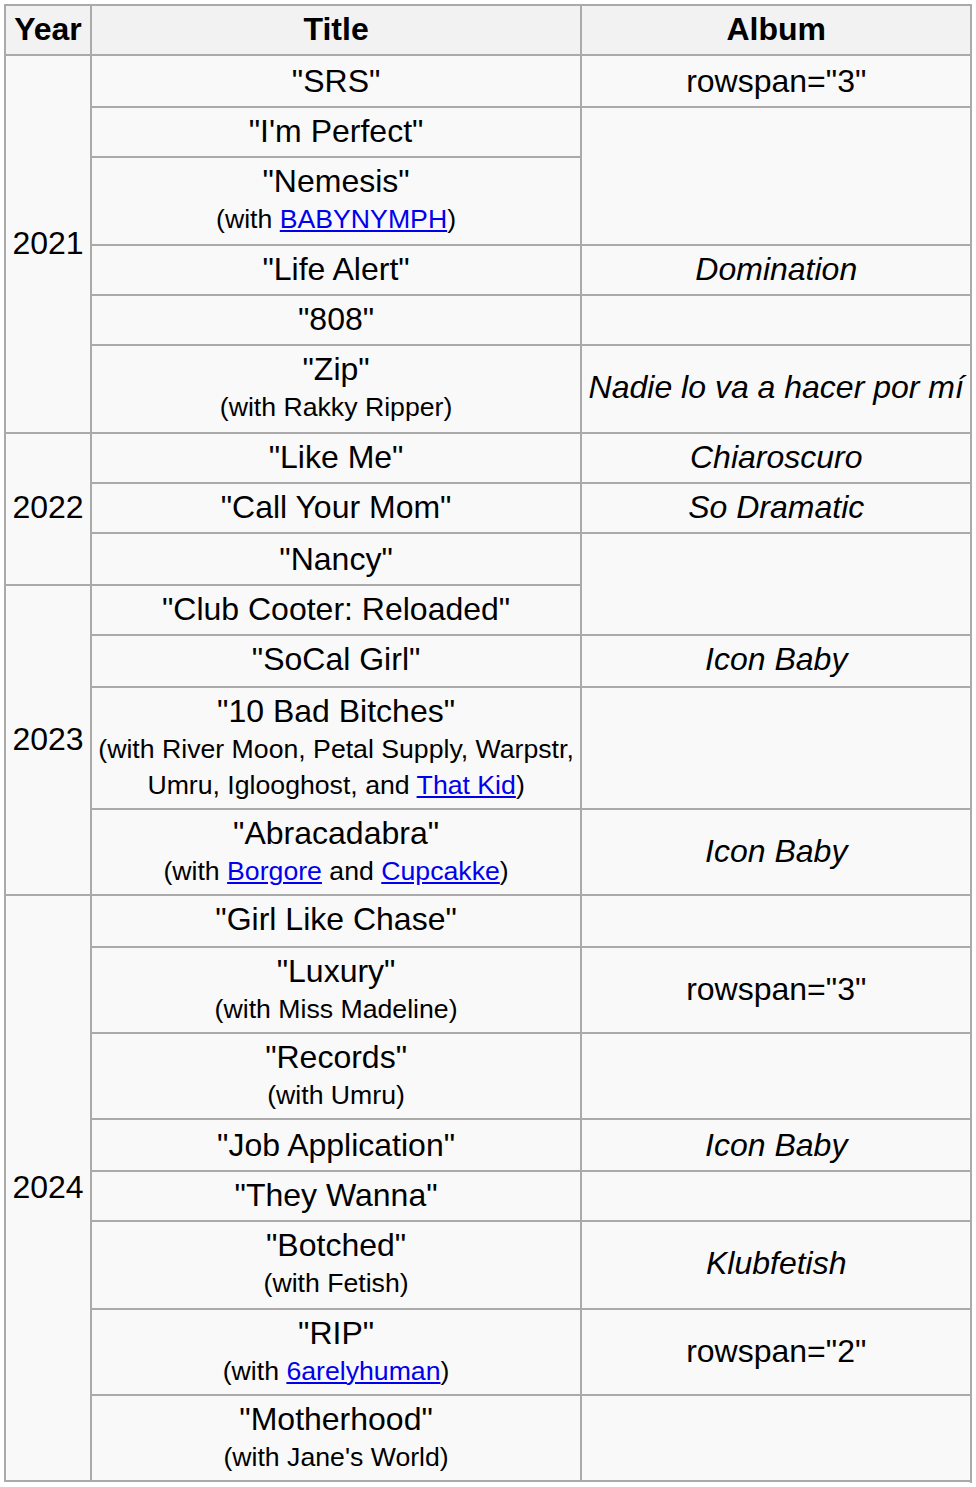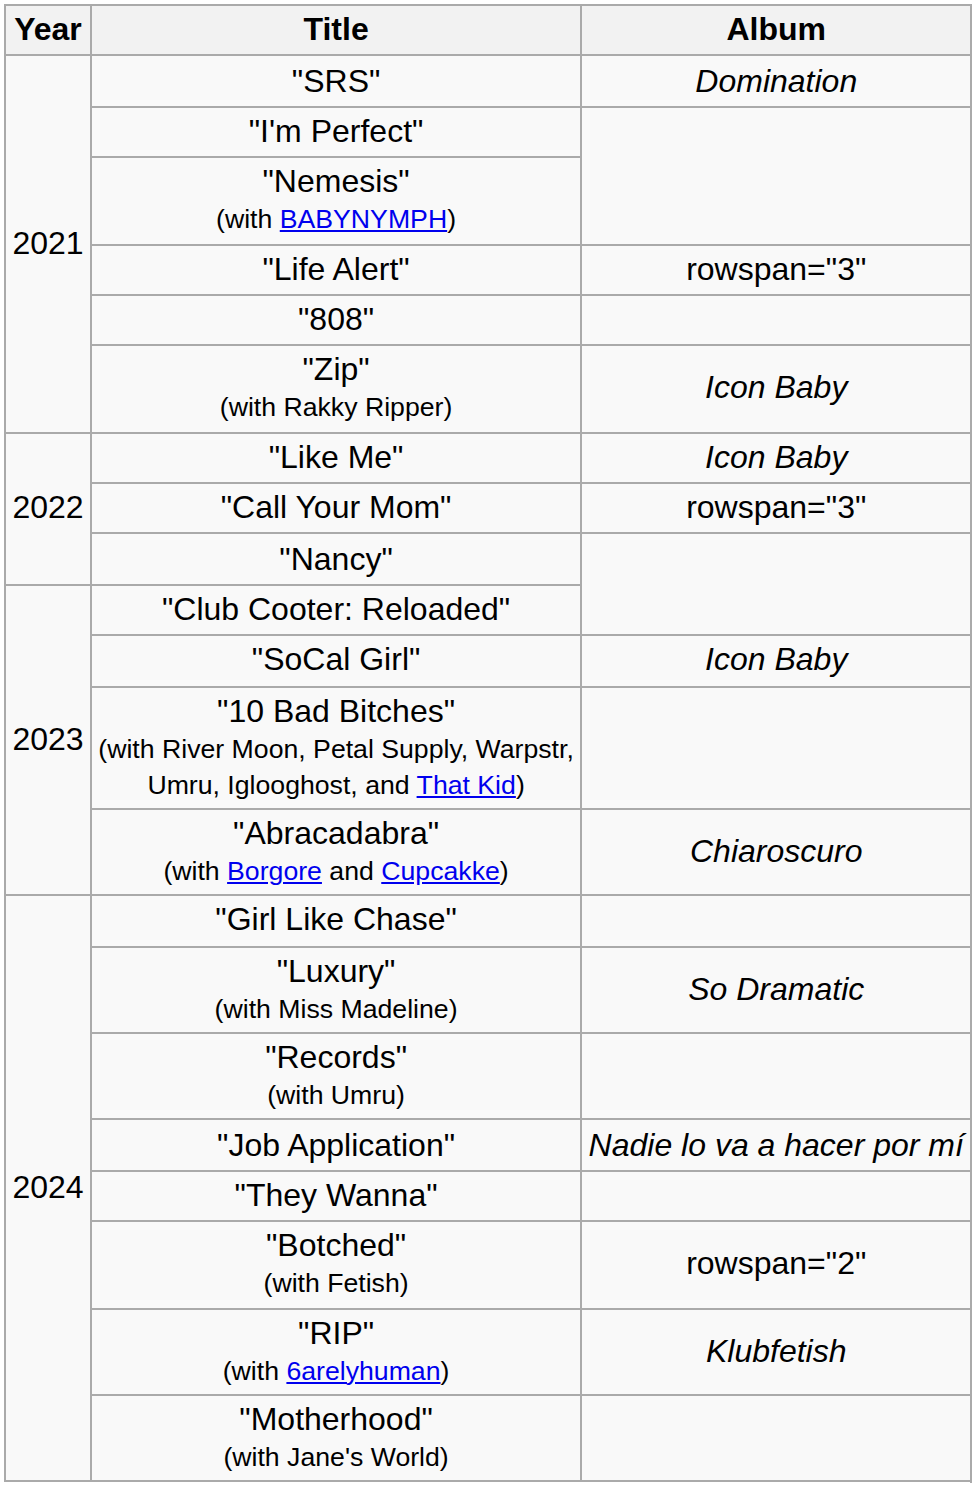 <table class="wikitable plainrowheaders" style="text-align:center;">
 <tr>
 <th>Year</th>
 <th>Title</th>
 <th>Album</th>
 </tr>
 <tr>
 <td rowspan="6">2021</td>
 <td>"SRS"</td>
-<td>rowspan="3" </td>
+<td><em>Domination</em></td>
 </tr>
 <tr>
 <td>"I'm Perfect"</td>
 </tr>
 <tr>
 <td>"Nemesis"<br><small>(with <a href='#'>BABYNYMPH</a>)</small></td>
 </tr>
 <tr>
 <td>"Life Alert"</td>
-<td><em>Domination</em></td>
+<td>rowspan="3" </td>
 </tr>
 <tr>
 <td>"808"</td>
 <td></td>
 </tr>
 <tr>
 <td>"Zip"<br><small>(with Rakky Ripper)</small></td>
-<td><em>Nadie lo va a hacer por mí</em></td>
+<td><em>Icon Baby</em></td>
 </tr>
 <tr>
 <td rowspan="3">2022</td>
 <td>"Like Me"</td>
-<td><em>Chiaroscuro</em></td>
+<td><em>Icon Baby</em></td>
 </tr>
 <tr>
 <td>"Call Your Mom"</td>
-<td><em>So Dramatic</em></td>
+<td>rowspan="3" </td>
 </tr>
 <tr>
 <td>"Nancy"</td>
 </tr>
 <tr>
 <td rowspan="4">2023</td>
 <td>"Club Cooter: Reloaded"</td>
 </tr>
 <tr>
 <td>"SoCal Girl"</td>
 <td><em>Icon Baby</em></td>
 </tr>
 <tr>
 <td>"10 Bad Bitches"<br><small>(with River Moon, Petal Supply, Warpstr,<br> Umru, Iglooghost, and <a href='#'>That Kid</a>)</small></td>
 <td></td>
 </tr>
 <tr>
 <td>"Abracadabra"<br><small>(with <a href='#'>Borgore</a> and <a href='#'>Cupcakke</a>)</small></td>
-<td><em>Icon Baby</em></td>
+<td><em>Chiaroscuro</em></td>
 </tr>
 <tr>
 <td rowspan="8">2024</td>
 <td>"Girl Like Chase"</td>
 <td></td>
 </tr>
 <tr>
 <td>"Luxury"<br><small>(with Miss Madeline)</small></td>
-<td>rowspan="3" </td>
+<td><em>So Dramatic</em></td>
 </tr>
 <tr>
 <td>"Records"<br><small>(with Umru)</small></td>
 <td></td>
 </tr>
 <tr>
 <td>"Job Application"</td>
-<td><em>Icon Baby</em></td>
+<td><em>Nadie lo va a hacer por mí</em></td>
 </tr>
 <tr>
 <td>"They Wanna"</td>
 <td></td>
 </tr>
 <tr>
 <td>"Botched"<br><small>(with Fetish)</small></td>
-<td><em>Klubfetish</em></td>
+<td>rowspan="2" </td>
 </tr>
 <tr>
 <td>"RIP"<br><small>(with <a href='#'>6arelyhuman</a>)</small></td>
-<td>rowspan="2" </td>
+<td><em>Klubfetish</em></td>
 </tr>
 <tr>
 <td>"Motherhood"<br><small>(with Jane's World)</small></td>
 </tr>
 <tr>
 </tr>
 </table>
